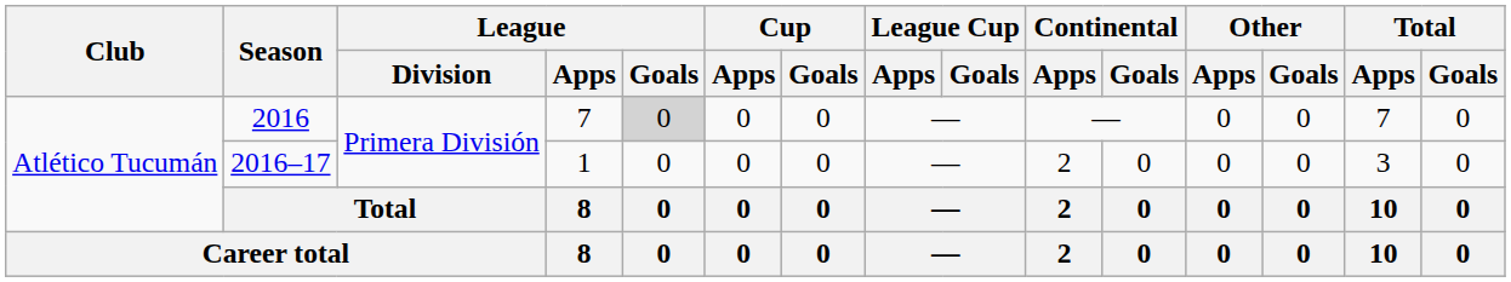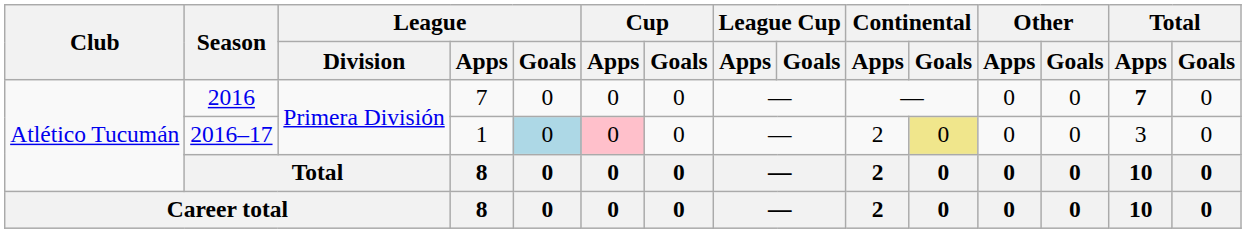 <table class="wikitable" style="text-align:center">
 <tr>
 <th rowspan="2">Club</th>
 <th rowspan="2">Season</th>
 <th colspan="3">League</th>
 <th colspan="2">Cup</th>
 <th colspan="2">League Cup</th>
 <th colspan="2">Continental</th>
 <th colspan="2">Other</th>
 <th colspan="2">Total</th>
 </tr>
 <tr>
 <th>Division</th>
 <th>Apps</th>
 <th>Goals</th>
 <th>Apps</th>
 <th>Goals</th>
 <th>Apps</th>
 <th>Goals</th>
 <th>Apps</th>
 <th>Goals</th>
 <th>Apps</th>
 <th>Goals</th>
 <th>Apps</th>
 <th>Goals</th>
 </tr>
 <tr>
 <td rowspan="3"><a href='#'>Atlético Tucumán</a></td>
 <td><a href='#'>2016</a></td>
 <td rowspan="2"><a href='#'>Primera División</a></td>
 <td>7</td>
-<td style="background: lightgrey;">0</td>
+<td>0</td>
 <td>0</td>
 <td>0</td>
 <td colspan="2">—</td>
 <td colspan="2">—</td>
 <td>0</td>
 <td>0</td>
-<td>7</td>
+<td><strong>7</strong></td>
 <td>0</td>
 </tr>
 <tr>
 <td><a href='#'>2016–17</a></td>
 <td>1</td>
-<td>0</td>
-<td>0</td>
+<td style="background: lightblue;">0</td>
+<td style="background: pink;">0</td>
 <td>0</td>
 <td colspan="2">—</td>
 <td>2</td>
-<td>0</td>
+<td style="background: khaki;">0</td>
 <td>0</td>
 <td>0</td>
 <td>3</td>
 <td>0</td>
 </tr>
 <tr>
 <th colspan="2">Total</th>
 <th>8</th>
 <th>0</th>
 <th>0</th>
 <th>0</th>
 <th colspan="2">—</th>
 <th>2</th>
 <th>0</th>
 <th>0</th>
 <th>0</th>
 <th>10</th>
 <th>0</th>
 </tr>
 <tr>
 <th colspan="3">Career total</th>
 <th>8</th>
 <th>0</th>
 <th>0</th>
 <th>0</th>
 <th colspan="2">—</th>
 <th>2</th>
 <th>0</th>
 <th>0</th>
 <th>0</th>
 <th>10</th>
 <th>0</th>
 </tr>
 </table>
